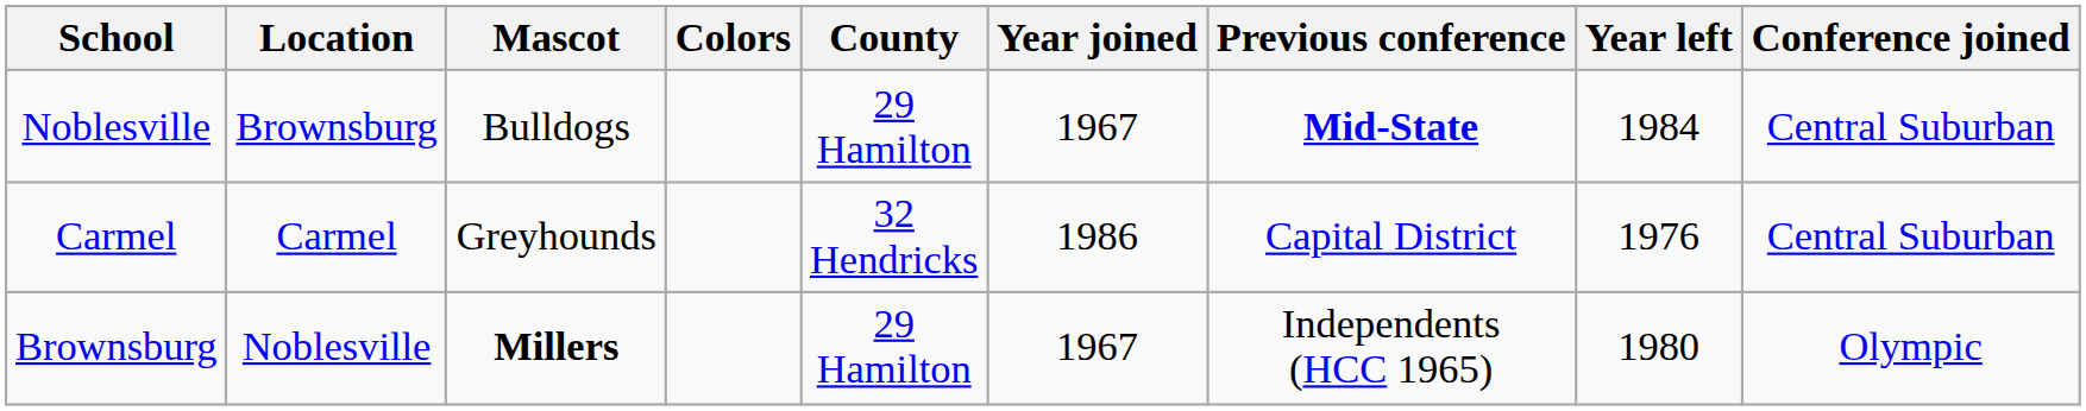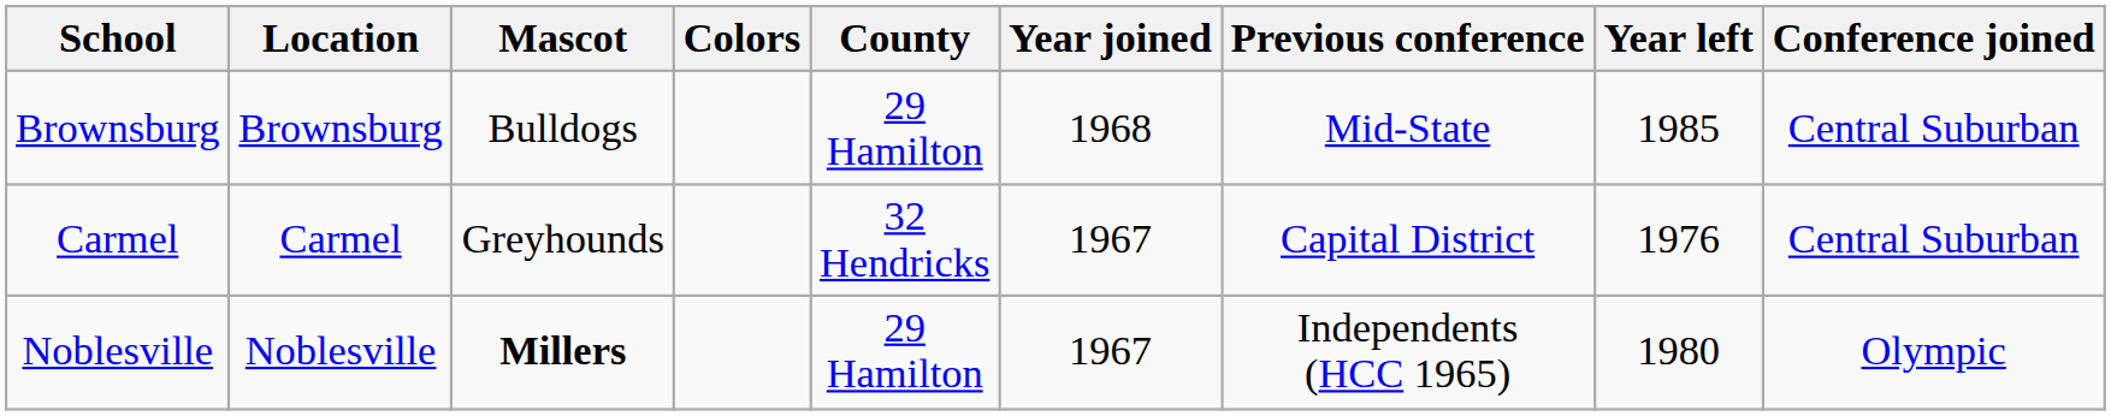 <table class="wikitable" style="text-align:center;">
 <tr>
 <th>School</th>
 <th>Location</th>
 <th>Mascot</th>
 <th>Colors</th>
 <th>County</th>
 <th>Year joined</th>
 <th>Previous conference</th>
 <th>Year left</th>
 <th>Conference joined</th>
 </tr>
 <tr>
-<td><a href='#'>Noblesville</a></td>
+<td><a href='#'>Brownsburg</a></td>
 <td><a href='#'>Brownsburg</a></td>
 <td>Bulldogs</td>
 <td> </td>
 <td><a href='#'>29 <br> Hamilton</a></td>
-<td>1967</td>
-<td><strong><a href='#'>Mid-State</a></strong></td>
-<td>1984</td>
+<td>1968</td>
+<td><a href='#'>Mid-State</a></td>
+<td>1985</td>
 <td><a href='#'>Central Suburban</a></td>
 </tr>
 <tr>
 <td><a href='#'>Carmel</a></td>
 <td><a href='#'>Carmel</a></td>
 <td>Greyhounds</td>
 <td> </td>
 <td><a href='#'>32 <br> Hendricks</a></td>
-<td>1986</td>
+<td>1967</td>
 <td><a href='#'>Capital District</a></td>
 <td>1976</td>
 <td><a href='#'>Central Suburban</a></td>
 </tr>
 <tr>
-<td><a href='#'>Brownsburg</a></td>
+<td><a href='#'>Noblesville</a></td>
 <td><a href='#'>Noblesville</a></td>
 <td><strong>Millers</strong></td>
 <td>  </td>
 <td><a href='#'>29 <br> Hamilton</a></td>
 <td>1967</td>
 <td>Independents<br>(<a href='#'>HCC</a> 1965)</td>
 <td>1980</td>
 <td><a href='#'>Olympic</a></td>
 </tr>
 </table>
